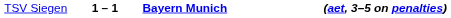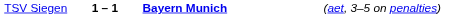 <table width=100% cellspacing=1>
 <tr>
 <th width=25%></th>
 <th width=10%></th>
 <th width=25%></th>
 <th></th>
 </tr>
 <tr style=font-size:90%>
 <td align=right><a href='#'>TSV Siegen</a></td>
 <td align=center><strong>1 – 1</strong></td>
 <td><strong><a href='#'>Bayern Munich</a></strong></td>
-<td><strong><em>(<a href='#'>aet</a>, 3–5 on <a href='#'>penalties</a>)</em></strong></td>
+<td><em>(<a href='#'>aet</a>, 3–5 on <a href='#'>penalties</a>)</em></td>
 </tr>
 </table>
